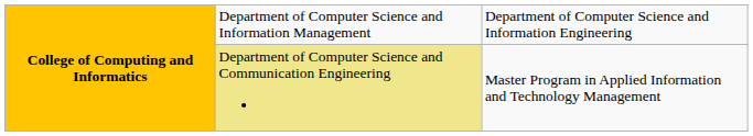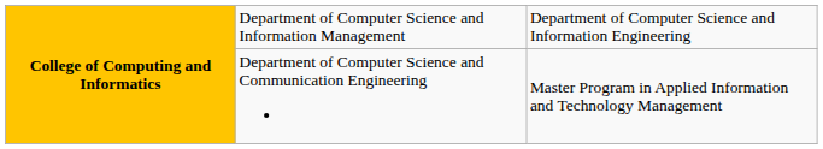 <table class="wikitable">
 <tr>
 <th rowspan="2" width="220" style="background-color: #ffc500;"><span> College of Computing and Informatics</span></th>
 <td width="280">Department of Computer Science and Information Management</td>
 <td width="280">Department of Computer Science and Information Engineering</td>
 </tr>
 <tr>
-<td width="280" style="background: khaki;">Department of Computer Science and Communication Engineering<br><ul><li></li></ul></td>
+<td width="280">Department of Computer Science and Communication Engineering<br><ul><li></li></ul></td>
 <td width="280">Master Program in Applied Information and Technology Management</td>
 </tr>
 </table>
